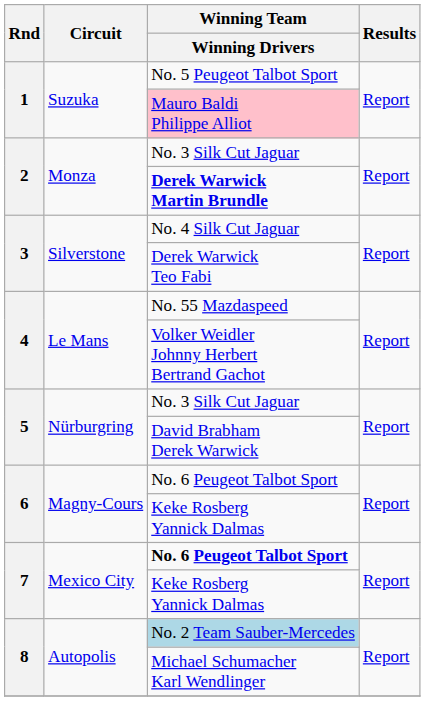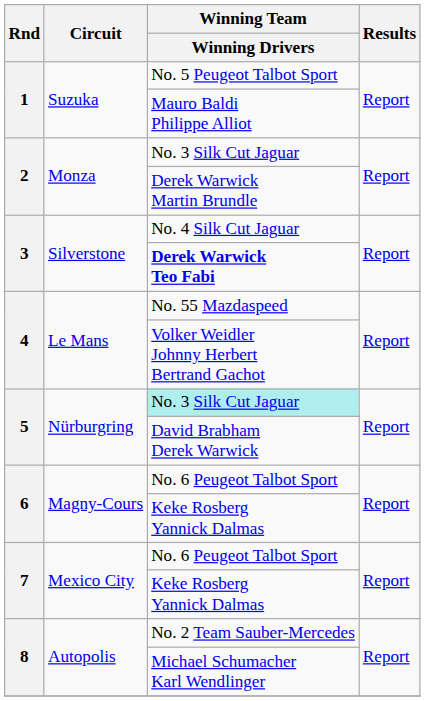 <table class="wikitable" style="font-size: 90%;">
 <tr>
 <th rowspan=2>Rnd</th>
 <th rowspan=2>Circuit</th>
 <th>Winning Team</th>
 <th rowspan=2>Results</th>
 </tr>
 <tr>
 <th>Winning Drivers</th>
 </tr>
 <tr>
 <th rowspan=2>1</th>
 <td rowspan=2><a href='#'>Suzuka</a></td>
 <td> No. 5 <a href='#'>Peugeot Talbot Sport</a></td>
 <td rowspan=2><a href='#'>Report</a></td>
 </tr>
 <tr>
-<td style="background: pink;"> <a href='#'>Mauro Baldi</a><br> <a href='#'>Philippe Alliot</a></td>
+<td> <a href='#'>Mauro Baldi</a><br> <a href='#'>Philippe Alliot</a></td>
 </tr>
 <tr>
 <th rowspan=2>2</th>
 <td rowspan=2><a href='#'>Monza</a></td>
 <td> No. 3 <a href='#'>Silk Cut Jaguar</a></td>
 <td rowspan=2><a href='#'>Report</a></td>
 </tr>
 <tr>
-<td><strong> <a href='#'>Derek Warwick</a><br> <a href='#'>Martin Brundle</a></strong></td>
+<td> <a href='#'>Derek Warwick</a><br> <a href='#'>Martin Brundle</a></td>
 </tr>
 <tr>
 <th rowspan=2>3</th>
 <td rowspan=2><a href='#'>Silverstone</a></td>
 <td> No. 4 <a href='#'>Silk Cut Jaguar</a></td>
 <td rowspan=2><a href='#'>Report</a></td>
 </tr>
 <tr>
-<td> <a href='#'>Derek Warwick</a><br> <a href='#'>Teo Fabi</a></td>
+<td><strong> <a href='#'>Derek Warwick</a><br> <a href='#'>Teo Fabi</a></strong></td>
 </tr>
 <tr>
 <th rowspan=2>4</th>
 <td rowspan=2><a href='#'>Le Mans</a></td>
 <td> No. 55 <a href='#'>Mazdaspeed</a></td>
 <td rowspan=2><a href='#'>Report</a></td>
 </tr>
 <tr>
 <td> <a href='#'>Volker Weidler</a><br> <a href='#'>Johnny Herbert</a><br> <a href='#'>Bertrand Gachot</a></td>
 </tr>
 <tr>
 <th rowspan=2>5</th>
 <td rowspan=2><a href='#'>Nürburgring</a></td>
-<td> No. 3 <a href='#'>Silk Cut Jaguar</a></td>
+<td style="background: paleturquoise;"> No. 3 <a href='#'>Silk Cut Jaguar</a></td>
 <td rowspan=2><a href='#'>Report</a></td>
 </tr>
 <tr>
 <td> <a href='#'>David Brabham</a><br> <a href='#'>Derek Warwick</a></td>
 </tr>
 <tr>
 <th rowspan=2>6</th>
 <td rowspan=2><a href='#'>Magny-Cours</a></td>
 <td> No. 6 <a href='#'>Peugeot Talbot Sport</a></td>
 <td rowspan=2><a href='#'>Report</a></td>
 </tr>
 <tr>
 <td> <a href='#'>Keke Rosberg</a><br> <a href='#'>Yannick Dalmas</a></td>
 </tr>
 <tr>
 <th rowspan=2>7</th>
 <td rowspan=2><a href='#'>Mexico City</a></td>
-<td><strong> No. 6 <a href='#'>Peugeot Talbot Sport</a></strong></td>
+<td> No. 6 <a href='#'>Peugeot Talbot Sport</a></td>
 <td rowspan=2><a href='#'>Report</a></td>
 </tr>
 <tr>
 <td> <a href='#'>Keke Rosberg</a><br> <a href='#'>Yannick Dalmas</a></td>
 </tr>
 <tr>
 <th rowspan=2>8</th>
 <td rowspan=2><a href='#'>Autopolis</a></td>
-<td style="background: lightblue;"> No. 2 <a href='#'>Team Sauber-Mercedes</a></td>
+<td> No. 2 <a href='#'>Team Sauber-Mercedes</a></td>
 <td rowspan=2><a href='#'>Report</a></td>
 </tr>
 <tr>
 <td> <a href='#'>Michael Schumacher</a><br> <a href='#'>Karl Wendlinger</a></td>
 </tr>
 <tr>
 </tr>
 </table>
